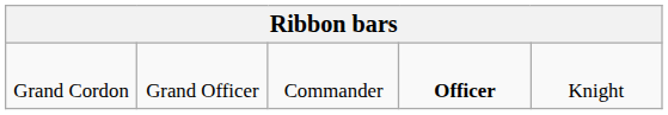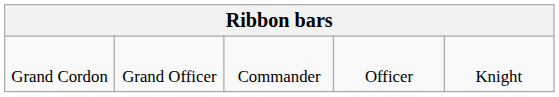 <table align=center class=wikitable width=70%>
 <tr>
 <th colspan=5>Ribbon bars</th>
 </tr>
 <tr>
 <td width=20% valign=center align=center><br><small>Grand Cordon</small></td>
 <td width=20% valign=center align=center><br><small>Grand Officer</small></td>
 <td width=20% valign=center align=center><br><small>Commander</small></td>
-<td width=20% valign=center align=center><strong><br><small>Officer</small></strong></td>
+<td width=20% valign=center align=center><br><small>Officer</small></td>
 <td width=20% valign=center align=center><br><small>Knight</small></td>
 </tr>
 </table>
